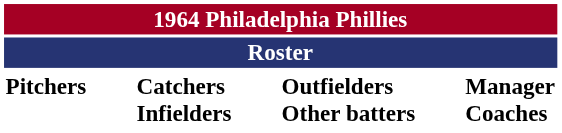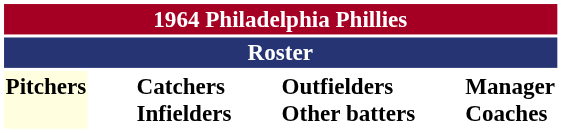 <table class="toccolours" style="font-size: 95%;">
 <tr>
 <th colspan="10" style="background-color: #A50024; color: white; text-align: center;">1964 Philadelphia Phillies</th>
 </tr>
 <tr>
 <td colspan="10" style="background-color: #263473; color: white; text-align: center;"><strong>Roster</strong></td>
 </tr>
 <tr>
-<td valign="top"><strong>Pitchers</strong><br>                 </td>
+<td valign="top" style="background: lightyellow;"><strong>Pitchers</strong><br>                 </td>
 <td width="25px"></td>
 <td valign="top"><strong>Catchers</strong><br>  <strong>Infielders</strong>        </td>
 <td width="25px"></td>
 <td valign="top"><strong>Outfielders</strong><br>         <strong>Other batters</strong>  </td>
 <td width="25px"></td>
 <td valign="top"><strong>Manager</strong><br> <strong>Coaches</strong>    </td>
 </tr>
 <tr>
 </tr>
 </table>
